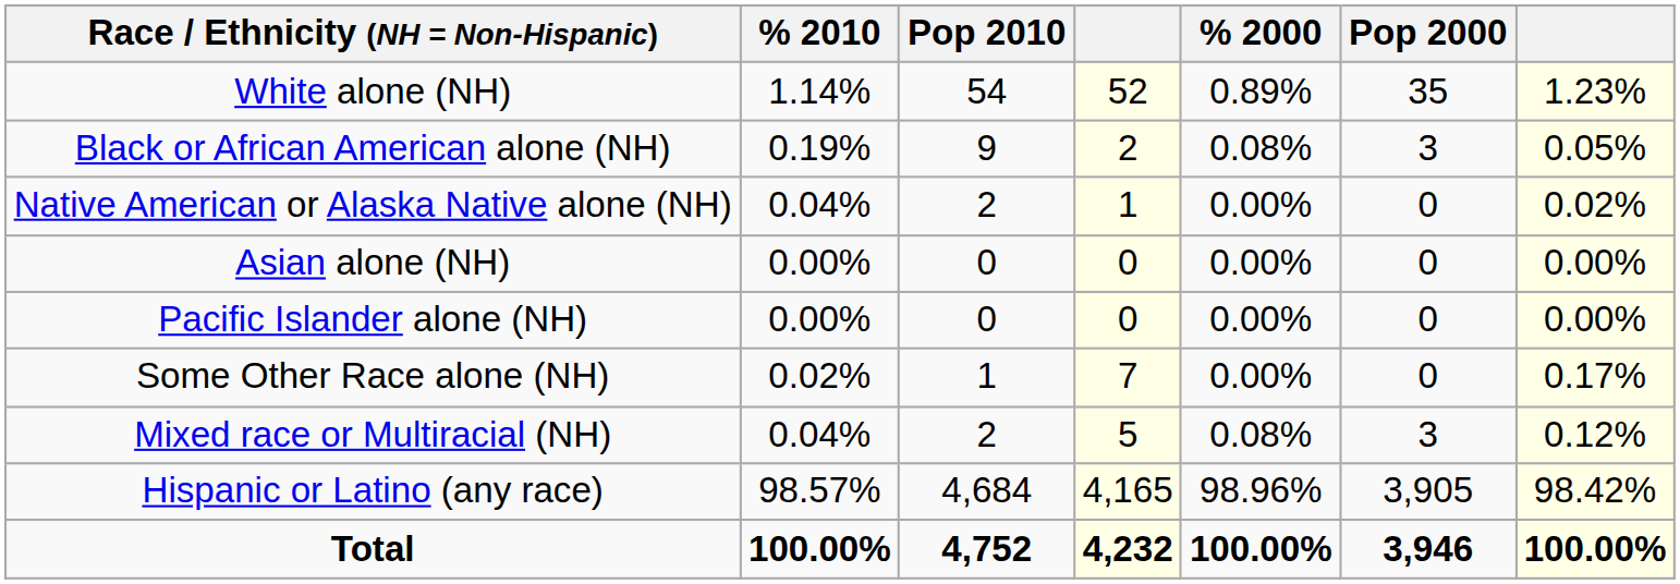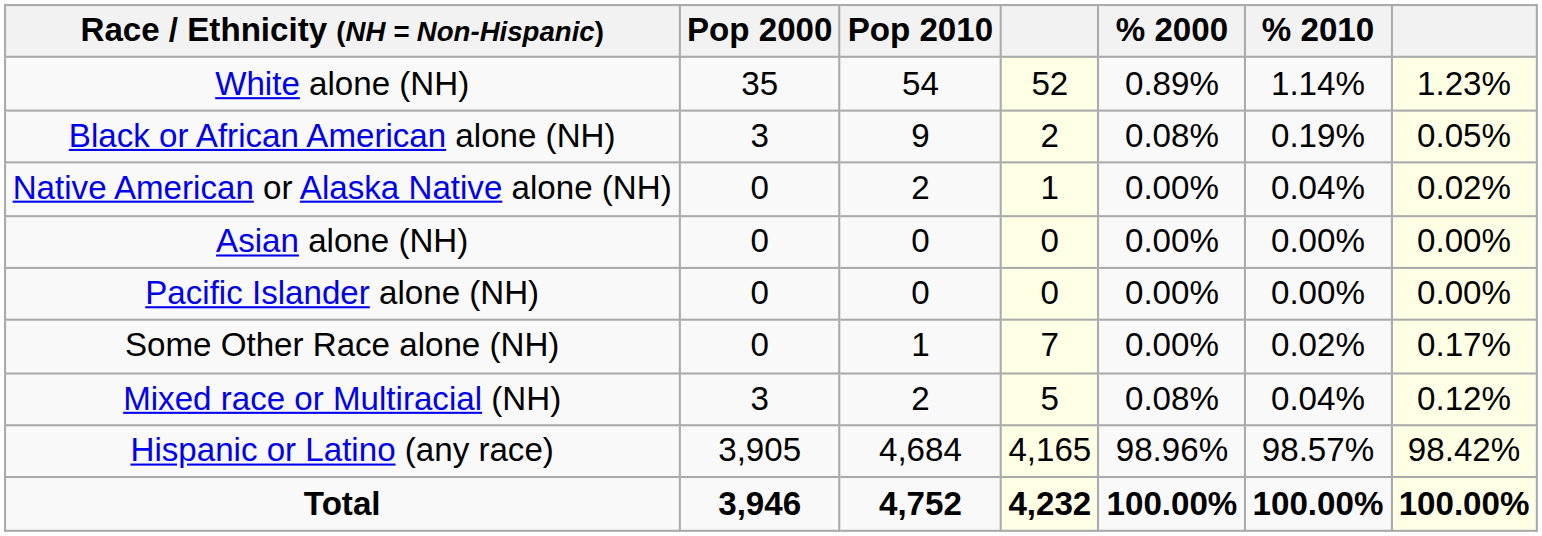 <table class="wikitable" style="text-align:center;">
 <tr>
 <th>Race / Ethnicity <small>(<em>NH = Non-Hispanic</em>)</small></th>
-<th>% 2010</th>
+<th>Pop 2000</th>
 <th>Pop 2010</th>
 <th></th>
 <th>% 2000</th>
-<th>Pop 2000</th>
+<th>% 2010</th>
 <th></th>
 </tr>
 <tr>
 <td><a href='#'>White</a> alone (NH)</td>
-<td>1.14%</td>
+<td>35</td>
 <td>54</td>
 <td style='background: #ffffe6;'>52</td>
 <td>0.89%</td>
-<td>35</td>
+<td>1.14%</td>
 <td style='background: #ffffe6;'>1.23%</td>
 </tr>
 <tr>
 <td><a href='#'>Black or African American</a> alone (NH)</td>
-<td>0.19%</td>
+<td>3</td>
 <td>9</td>
 <td style='background: #ffffe6;'>2</td>
 <td>0.08%</td>
-<td>3</td>
+<td>0.19%</td>
 <td style='background: #ffffe6;'>0.05%</td>
 </tr>
 <tr>
 <td><a href='#'>Native American</a> or <a href='#'>Alaska Native</a> alone (NH)</td>
-<td>0.04%</td>
+<td>0</td>
 <td>2</td>
 <td style='background: #ffffe6;'>1</td>
 <td>0.00%</td>
-<td>0</td>
+<td>0.04%</td>
 <td style='background: #ffffe6;'>0.02%</td>
 </tr>
 <tr>
 <td><a href='#'>Asian</a> alone (NH)</td>
-<td>0.00%</td>
+<td>0</td>
 <td>0</td>
 <td style='background: #ffffe6;'>0</td>
 <td>0.00%</td>
-<td>0</td>
+<td>0.00%</td>
 <td style='background: #ffffe6;'>0.00%</td>
 </tr>
 <tr>
 <td><a href='#'>Pacific Islander</a> alone (NH)</td>
-<td>0.00%</td>
+<td>0</td>
 <td>0</td>
 <td style='background: #ffffe6;'>0</td>
 <td>0.00%</td>
-<td>0</td>
+<td>0.00%</td>
 <td style='background: #ffffe6;'>0.00%</td>
 </tr>
 <tr>
 <td>Some Other Race alone (NH)</td>
-<td>0.02%</td>
+<td>0</td>
 <td>1</td>
 <td style='background: #ffffe6;'>7</td>
 <td>0.00%</td>
-<td>0</td>
+<td>0.02%</td>
 <td style='background: #ffffe6;'>0.17%</td>
 </tr>
 <tr>
 <td><a href='#'>Mixed race or Multiracial</a> (NH)</td>
-<td>0.04%</td>
+<td>3</td>
 <td>2</td>
 <td style='background: #ffffe6;'>5</td>
 <td>0.08%</td>
-<td>3</td>
+<td>0.04%</td>
 <td style='background: #ffffe6;'>0.12%</td>
 </tr>
 <tr>
 <td><a href='#'>Hispanic or Latino</a> (any race)</td>
-<td>98.57%</td>
+<td>3,905</td>
 <td>4,684</td>
 <td style='background: #ffffe6;'>4,165</td>
 <td>98.96%</td>
-<td>3,905</td>
+<td>98.57%</td>
 <td style='background: #ffffe6;'>98.42%</td>
 </tr>
 <tr>
 <td><strong>Total</strong></td>
-<td><strong>100.00%</strong></td>
+<td><strong>3,946</strong></td>
 <td><strong>4,752</strong></td>
 <td style='background: #ffffe6;'><strong>4,232</strong></td>
 <td><strong>100.00%</strong></td>
-<td><strong>3,946</strong></td>
+<td><strong>100.00%</strong></td>
 <td style='background: #ffffe6;'><strong>100.00%</strong></td>
 </tr>
 </table>
